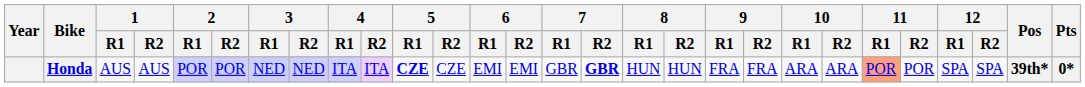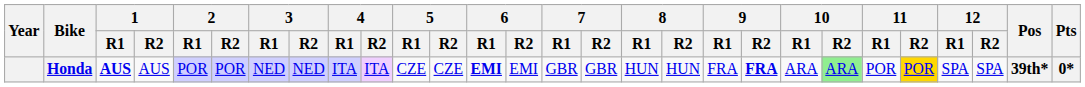 <table class="wikitable" style="text-align:center; font-size:90%;">
 <tr>
 <th rowspan="2">Year</th>
 <th rowspan="2">Bike</th>
 <th colspan="2">1</th>
 <th colspan="2">2</th>
 <th colspan="2">3</th>
 <th colspan="2">4</th>
 <th colspan="2">5</th>
 <th colspan="2">6</th>
 <th colspan="2">7</th>
 <th colspan="2">8</th>
 <th colspan="2">9</th>
 <th colspan="2">10</th>
 <th colspan="2">11</th>
 <th colspan="2">12</th>
 <th rowspan="2">Pos</th>
 <th rowspan="2">Pts</th>
 </tr>
 <tr>
 <th>R1</th>
 <th>R2</th>
 <th>R1</th>
 <th>R2</th>
 <th>R1</th>
 <th>R2</th>
 <th>R1</th>
 <th>R2</th>
 <th>R1</th>
 <th>R2</th>
 <th>R1</th>
 <th>R2</th>
 <th>R1</th>
 <th>R2</th>
 <th>R1</th>
 <th>R2</th>
 <th>R1</th>
 <th>R2</th>
 <th>R1</th>
 <th>R2</th>
 <th>R1</th>
 <th>R2</th>
 <th>R1</th>
 <th>R2</th>
 </tr>
 <tr>
 <th></th>
 <th><a href='#'>Honda</a></th>
-<td><a href='#'>AUS</a></td>
+<td><strong><a href='#'>AUS</a></strong></td>
 <td><a href='#'>AUS</a></td>
 <td style="background:#CFCFFF;"><a href='#'>POR</a><br></td>
 <td style="background:#CFCFFF;"><a href='#'>POR</a><br></td>
 <td style="background:#CFCFFF;"><a href='#'>NED</a><br></td>
 <td style="background:#CFCFFF;"><a href='#'>NED</a><br></td>
 <td style="background:#CFCFFF;"><a href='#'>ITA</a><br></td>
 <td style="background:#EFCFFF;"><a href='#'>ITA</a><br></td>
-<td><strong><a href='#'>CZE</a></strong></td>
 <td><a href='#'>CZE</a></td>
-<td><a href='#'>EMI</a></td>
+<td><a href='#'>CZE</a></td>
+<td><strong><a href='#'>EMI</a></strong></td>
 <td><a href='#'>EMI</a></td>
 <td><a href='#'>GBR</a></td>
-<td><strong><a href='#'>GBR</a></strong></td>
+<td><a href='#'>GBR</a></td>
 <td><a href='#'>HUN</a></td>
 <td><a href='#'>HUN</a></td>
 <td><a href='#'>FRA</a></td>
-<td><a href='#'>FRA</a></td>
+<td><strong><a href='#'>FRA</a></strong></td>
 <td><a href='#'>ARA</a></td>
-<td><a href='#'>ARA</a></td>
-<td style="background: lightsalmon;"><a href='#'>POR</a></td>
+<td style="background: lightgreen;"><a href='#'>ARA</a></td>
 <td><a href='#'>POR</a></td>
+<td style="background: gold;"><a href='#'>POR</a></td>
 <td><a href='#'>SPA</a></td>
 <td><a href='#'>SPA</a></td>
 <th>39th*</th>
 <th>0*</th>
 </tr>
 </table>
